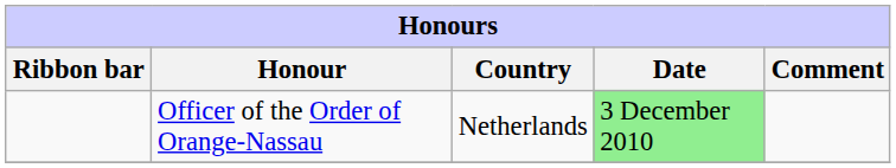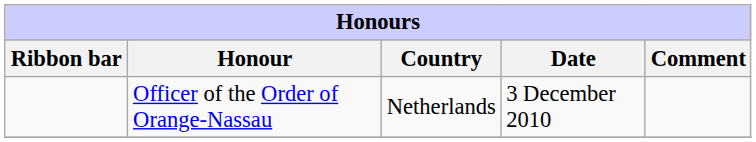 <table class="wikitable" style="width:60%;">
 <tr style="background:#ccf; text-align:center;">
 <td colspan=5><strong>Honours</strong></td>
 </tr>
 <tr>
 <th style="width:80px;">Ribbon bar</th>
 <th>Honour</th>
 <th>Country</th>
 <th>Date</th>
 <th>Comment</th>
 </tr>
 <tr>
 <td></td>
 <td><a href='#'>Officer</a> of the <a href='#'>Order of Orange-Nassau</a></td>
 <td>Netherlands</td>
-<td style="background: lightgreen;">3 December 2010</td>
+<td>3 December 2010</td>
 <td></td>
 </tr>
 <tr>
 </tr>
 </table>
